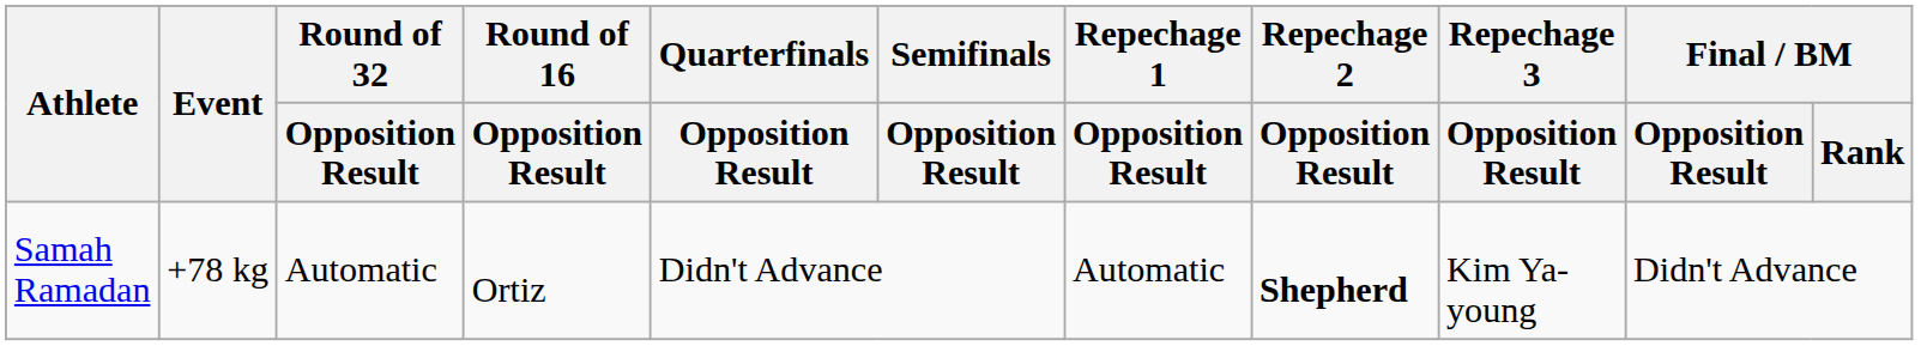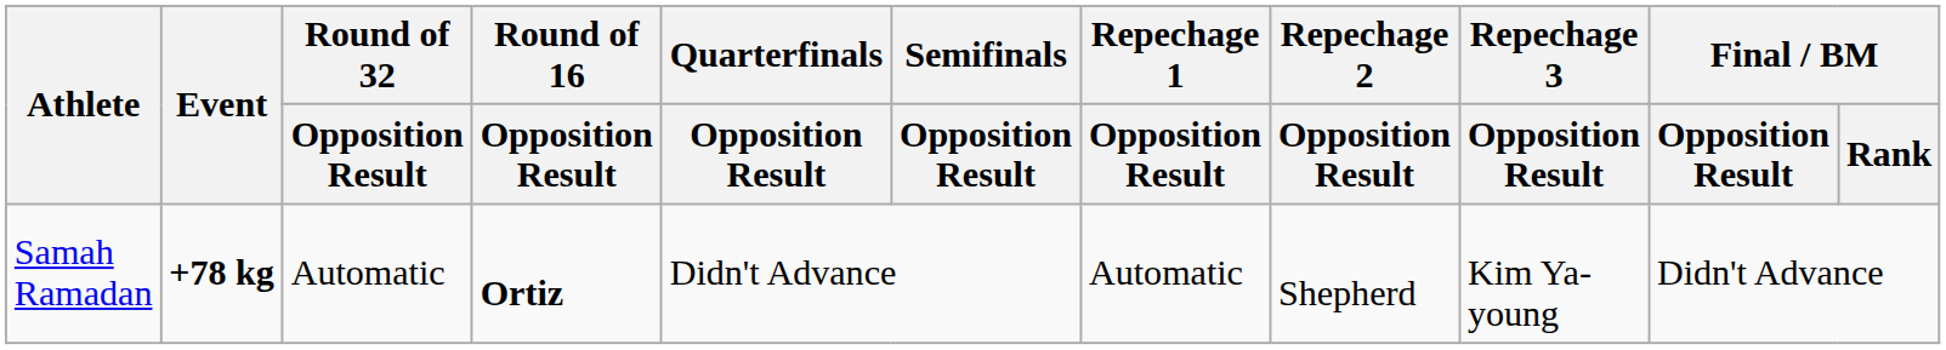 <table class="wikitable">
 <tr>
 <th rowspan="2">Athlete</th>
 <th rowspan="2">Event</th>
 <th>Round of 32</th>
 <th>Round of 16</th>
 <th>Quarterfinals</th>
 <th>Semifinals</th>
 <th>Repechage 1</th>
 <th>Repechage 2</th>
 <th>Repechage 3</th>
 <th colspan="2">Final / <abbr>BM</abbr></th>
 </tr>
 <tr>
 <th>Opposition<br>Result</th>
 <th>Opposition<br>Result</th>
 <th>Opposition<br>Result</th>
 <th>Opposition<br>Result</th>
 <th>Opposition<br>Result</th>
 <th>Opposition<br>Result</th>
 <th>Opposition<br>Result</th>
 <th>Opposition<br>Result</th>
 <th>Rank</th>
 </tr>
 <tr>
 <td><a href='#'>Samah Ramadan</a></td>
-<td>+78 kg</td>
+<td><strong>+78 kg</strong></td>
 <td>Automatic</td>
-<td><br>Ortiz</td>
+<td><strong><br>Ortiz</strong></td>
 <td colspan="2">Didn't Advance</td>
 <td>Automatic</td>
-<td><strong><br>Shepherd</strong></td>
+<td><br>Shepherd</td>
 <td><br>Kim Ya-young</td>
 <td colspan="2">Didn't Advance</td>
 </tr>
 </table>
